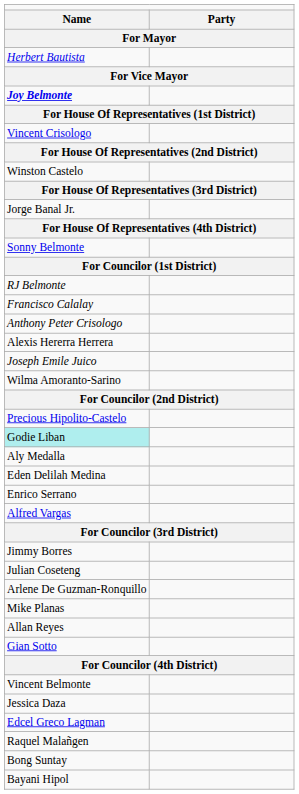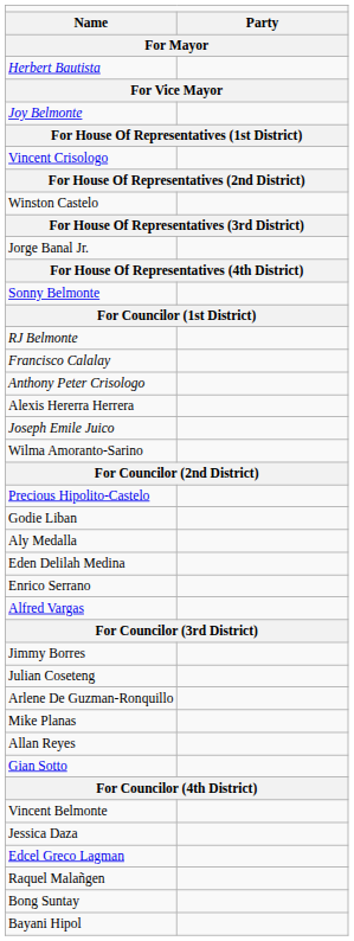 <table class=wikitable style="font-size:90%">
 <tr>
 <td colspan=4 bgcolor=></td>
 </tr>
 <tr>
 <th width=50%>Name</th>
 <th colspan=2>Party</th>
 </tr>
 <tr>
 <th colspan=3>For Mayor</th>
 </tr>
 <tr>
 <td><em><a href='#'>Herbert Bautista</a></em></td>
 <td></td>
 </tr>
 <tr>
 <th colspan=3>For Vice Mayor</th>
 </tr>
 <tr>
-<td><strong><em><a href='#'>Joy Belmonte</a></em></strong></td>
+<td><em><a href='#'>Joy Belmonte</a></em></td>
 <td></td>
 </tr>
 <tr>
 <th colspan=3>For House Of Representatives (1st District)</th>
 </tr>
 <tr>
 <td><a href='#'>Vincent Crisologo</a></td>
 <td></td>
 </tr>
 <tr>
 <th colspan=3>For House Of Representatives (2nd District)</th>
 </tr>
 <tr>
 <td>Winston Castelo</td>
 <td></td>
 </tr>
 <tr>
 <th colspan=3>For House Of Representatives (3rd District)</th>
 </tr>
 <tr>
 <td>Jorge Banal Jr.</td>
 <td></td>
 </tr>
 <tr>
 <th colspan=3>For House Of Representatives (4th District)</th>
 </tr>
 <tr>
 <td><a href='#'>Sonny Belmonte</a></td>
 <td></td>
 </tr>
 <tr>
 <th colspan=3>For Councilor (1st District)</th>
 </tr>
 <tr>
 <td><em>RJ Belmonte</em></td>
 <td></td>
 </tr>
 <tr>
 <td><em>Francisco Calalay</em></td>
 <td></td>
 </tr>
 <tr>
 <td><em>Anthony Peter Crisologo</em></td>
 <td></td>
 </tr>
 <tr>
 <td>Alexis Hererra Herrera</td>
 <td></td>
 </tr>
 <tr>
 <td><em>Joseph Emile Juico</em></td>
 <td></td>
 </tr>
 <tr>
 <td>Wilma Amoranto-Sarino</td>
 <td></td>
 </tr>
 <tr>
 <th colspan=3>For Councilor (2nd District)</th>
 </tr>
 <tr>
 <td><a href='#'>Precious Hipolito-Castelo</a></td>
 <td></td>
 </tr>
 <tr>
-<td style="background: paleturquoise;">Godie Liban</td>
+<td>Godie Liban</td>
 <td></td>
 </tr>
 <tr>
 <td>Aly Medalla</td>
 <td></td>
 </tr>
 <tr>
 <td>Eden Delilah Medina</td>
 <td></td>
 </tr>
 <tr>
 <td>Enrico Serrano</td>
 <td></td>
 </tr>
 <tr>
 <td><a href='#'>Alfred Vargas</a></td>
 <td></td>
 </tr>
 <tr>
 <th colspan=3>For Councilor (3rd District)</th>
 </tr>
 <tr>
 <td>Jimmy Borres</td>
 <td></td>
 </tr>
 <tr>
 <td>Julian Coseteng</td>
 <td></td>
 </tr>
 <tr>
 <td>Arlene De Guzman-Ronquillo</td>
 <td></td>
 </tr>
 <tr>
 <td>Mike Planas</td>
 <td></td>
 </tr>
 <tr>
 <td>Allan Reyes</td>
 <td></td>
 </tr>
 <tr>
 <td><a href='#'>Gian Sotto</a></td>
 <td></td>
 </tr>
 <tr>
 <th colspan=3>For Councilor (4th District)</th>
 </tr>
 <tr>
 <td>Vincent Belmonte</td>
 <td></td>
 </tr>
 <tr>
 <td>Jessica Daza</td>
 <td></td>
 </tr>
 <tr>
 <td><a href='#'>Edcel Greco Lagman</a></td>
 <td></td>
 </tr>
 <tr>
 <td>Raquel Malañgen</td>
 <td></td>
 </tr>
 <tr>
 <td>Bong Suntay</td>
 <td></td>
 </tr>
 <tr>
 <td>Bayani Hipol</td>
 <td></td>
 </tr>
 </table>
